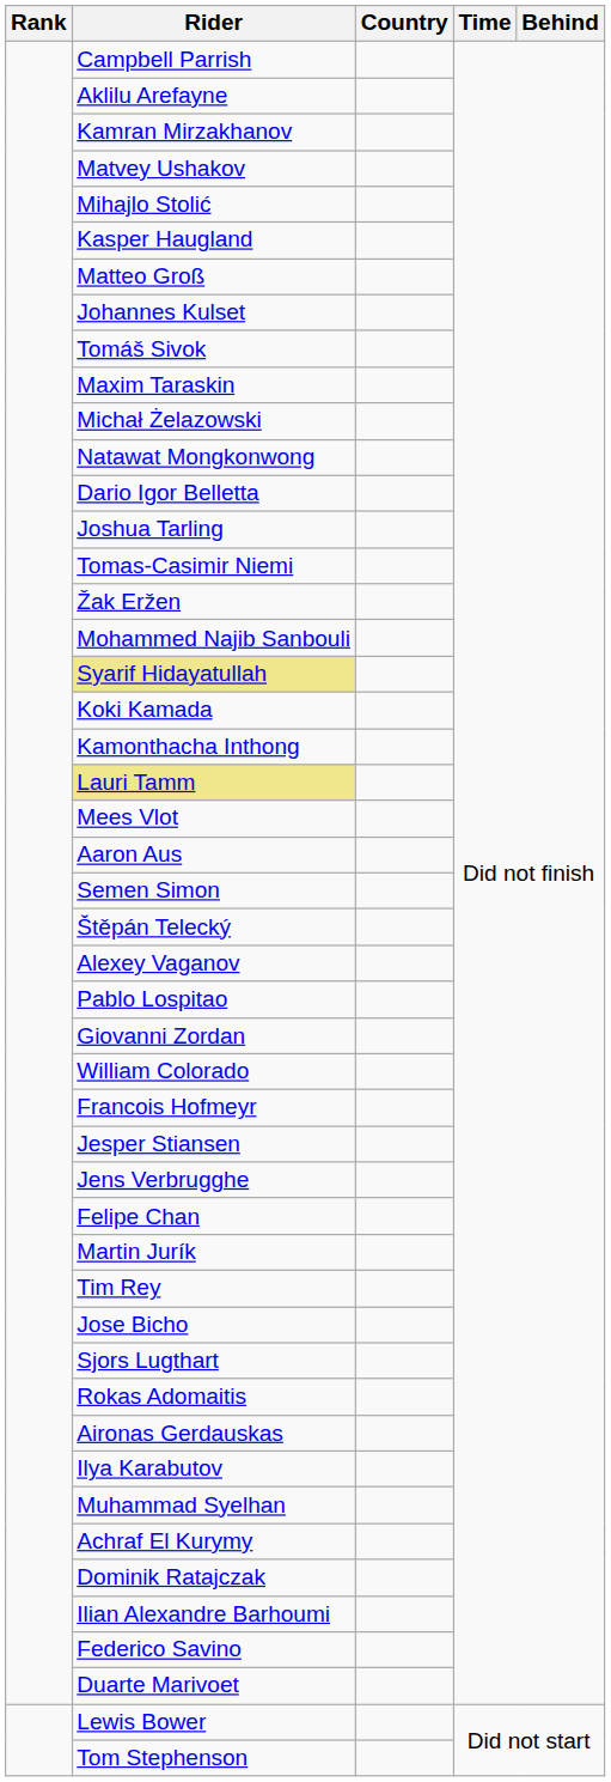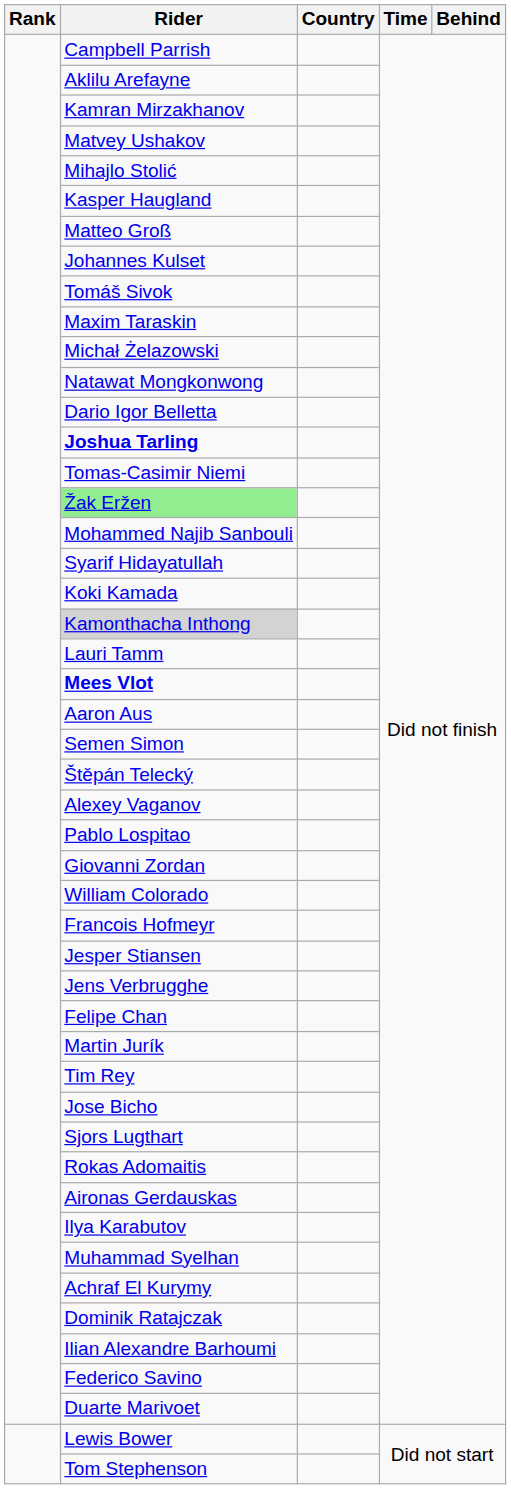 <table class="wikitable sortable" style="text-align: center"">
 <tr>
 <th>Rank</th>
 <th>Rider</th>
 <th>Country</th>
 <th>Time</th>
 <th>Behind</th>
 </tr>
 <tr>
 <td rowspan=46></td>
 <td align="left"><a href='#'>Campbell Parrish</a></td>
 <td align="left"></td>
 <td rowspan=46 colspan=2>Did not finish</td>
 </tr>
 <tr>
 <td align="left"><a href='#'>Aklilu Arefayne</a></td>
 <td align="left"></td>
 </tr>
 <tr>
 <td align="left"><a href='#'>Kamran Mirzakhanov</a></td>
 <td align="left"></td>
 </tr>
 <tr>
 <td align="left"><a href='#'>Matvey Ushakov</a></td>
 <td align="left"></td>
 </tr>
 <tr>
 <td align="left"><a href='#'>Mihajlo Stolić</a></td>
 <td align="left"></td>
 </tr>
 <tr>
 <td align="left"><a href='#'>Kasper Haugland</a></td>
 <td align="left"></td>
 </tr>
 <tr>
 <td align="left"><a href='#'>Matteo Groß</a></td>
 <td align="left"></td>
 </tr>
 <tr>
 <td align="left"><a href='#'>Johannes Kulset</a></td>
 <td align="left"></td>
 </tr>
 <tr>
 <td align="left"><a href='#'>Tomáš Sivok</a></td>
 <td align="left"></td>
 </tr>
 <tr>
 <td align="left"><a href='#'>Maxim Taraskin</a></td>
 <td align="left"></td>
 </tr>
 <tr>
 <td align="left"><a href='#'>Michał Żelazowski</a></td>
 <td align="left"></td>
 </tr>
 <tr>
 <td align="left"><a href='#'>Natawat Mongkonwong</a></td>
 <td align="left"></td>
 </tr>
 <tr>
 <td align="left"><a href='#'>Dario Igor Belletta</a></td>
 <td align="left"></td>
 </tr>
 <tr>
-<td align="left"><a href='#'>Joshua Tarling</a></td>
+<td align="left"><strong><a href='#'>Joshua Tarling</a></strong></td>
 <td align="left"></td>
 </tr>
 <tr>
 <td align="left"><a href='#'>Tomas-Casimir Niemi</a></td>
 <td align="left"></td>
 </tr>
 <tr>
-<td align="left"><a href='#'>Žak Eržen</a></td>
+<td align="left" style="background: lightgreen;"><a href='#'>Žak Eržen</a></td>
 <td align="left"></td>
 </tr>
 <tr>
 <td align="left"><a href='#'>Mohammed Najib Sanbouli</a></td>
 <td align="left"></td>
 </tr>
 <tr>
-<td align="left" style="background: khaki;"><a href='#'>Syarif Hidayatullah</a></td>
+<td align="left"><a href='#'>Syarif Hidayatullah</a></td>
 <td align="left"></td>
 </tr>
 <tr>
 <td align="left"><a href='#'>Koki Kamada</a></td>
 <td align="left"></td>
 </tr>
 <tr>
-<td align="left"><a href='#'>Kamonthacha Inthong</a></td>
+<td align="left" style="background: lightgrey;"><a href='#'>Kamonthacha Inthong</a></td>
 <td align="left"></td>
 </tr>
 <tr>
-<td align="left" style="background: khaki;"><a href='#'>Lauri Tamm</a></td>
+<td align="left"><a href='#'>Lauri Tamm</a></td>
 <td align="left"></td>
 </tr>
 <tr>
-<td align="left"><a href='#'>Mees Vlot</a></td>
+<td align="left"><strong><a href='#'>Mees Vlot</a></strong></td>
 <td align="left"></td>
 </tr>
 <tr>
 <td align="left"><a href='#'>Aaron Aus</a></td>
 <td align="left"></td>
 </tr>
 <tr>
 <td align="left"><a href='#'>Semen Simon</a></td>
 <td align="left"></td>
 </tr>
 <tr>
 <td align="left"><a href='#'>Štěpán Telecký</a></td>
 <td align="left"></td>
 </tr>
 <tr>
 <td align="left"><a href='#'>Alexey Vaganov</a></td>
 <td align="left"></td>
 </tr>
 <tr>
 <td align="left"><a href='#'>Pablo Lospitao</a></td>
 <td align="left"></td>
 </tr>
 <tr>
 <td align="left"><a href='#'>Giovanni Zordan</a></td>
 <td align="left"></td>
 </tr>
 <tr>
 <td align="left"><a href='#'>William Colorado</a></td>
 <td align="left"></td>
 </tr>
 <tr>
 <td align="left"><a href='#'>Francois Hofmeyr</a></td>
 <td align="left"></td>
 </tr>
 <tr>
 <td align="left"><a href='#'>Jesper Stiansen</a></td>
 <td align="left"></td>
 </tr>
 <tr>
 <td align="left"><a href='#'>Jens Verbrugghe</a></td>
 <td align="left"></td>
 </tr>
 <tr>
 <td align="left"><a href='#'>Felipe Chan</a></td>
 <td align="left"></td>
 </tr>
 <tr>
 <td align="left"><a href='#'>Martin Jurík</a></td>
 <td align="left"></td>
 </tr>
 <tr>
 <td align="left"><a href='#'>Tim Rey</a></td>
 <td align="left"></td>
 </tr>
 <tr>
 <td align="left"><a href='#'>Jose Bicho</a></td>
 <td align="left"></td>
 </tr>
 <tr>
 <td align="left"><a href='#'>Sjors Lugthart</a></td>
 <td align="left"></td>
 </tr>
 <tr>
 <td align="left"><a href='#'>Rokas Adomaitis</a></td>
 <td align="left"></td>
 </tr>
 <tr>
 <td align="left"><a href='#'>Aironas Gerdauskas</a></td>
 <td align="left"></td>
 </tr>
 <tr>
 <td align="left"><a href='#'>Ilya Karabutov</a></td>
 <td align="left"></td>
 </tr>
 <tr>
 <td align="left"><a href='#'>Muhammad Syelhan</a></td>
 <td align="left"></td>
 </tr>
 <tr>
 <td align="left"><a href='#'>Achraf El Kurymy</a></td>
 <td align="left"></td>
 </tr>
 <tr>
 <td align="left"><a href='#'>Dominik Ratajczak</a></td>
 <td align="left"></td>
 </tr>
 <tr>
 <td align="left"><a href='#'>Ilian Alexandre Barhoumi</a></td>
 <td align="left"></td>
 </tr>
 <tr>
 <td align="left"><a href='#'>Federico Savino</a></td>
 <td align="left"></td>
 </tr>
 <tr>
 <td align="left"><a href='#'>Duarte Marivoet</a></td>
 <td align="left"></td>
 </tr>
 <tr>
 <td rowspan=2></td>
 <td align="left"><a href='#'>Lewis Bower</a></td>
 <td align="left"></td>
 <td rowspan=2 colspan=2>Did not start</td>
 </tr>
 <tr>
 <td align="left"><a href='#'>Tom Stephenson</a></td>
 <td align="left"></td>
 </tr>
 </table>
